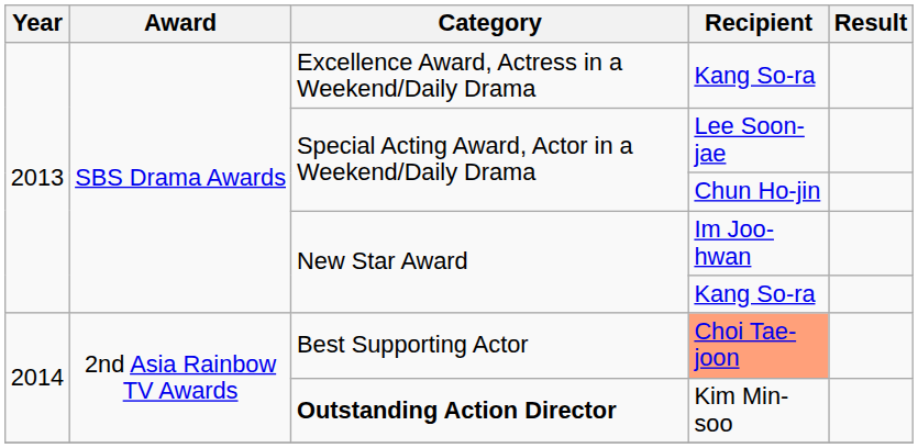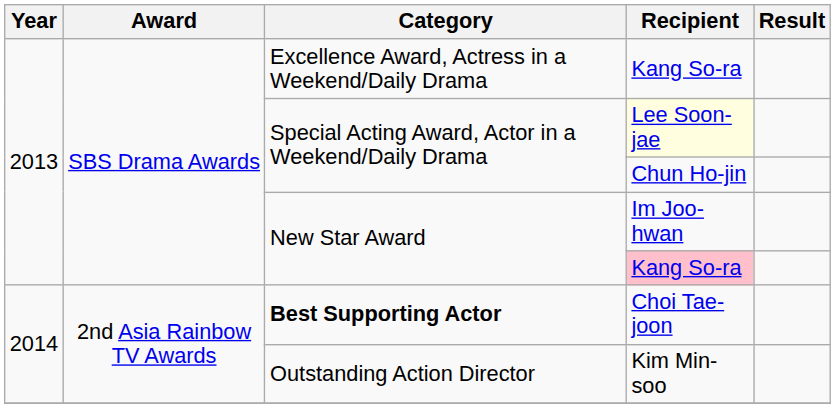 <table class="wikitable">
 <tr>
 <th>Year</th>
 <th>Award</th>
 <th>Category</th>
 <th>Recipient</th>
 <th>Result</th>
 </tr>
 <tr>
 <td rowspan=5>2013</td>
 <td rowspan=5 style="text-align:center;"><a href='#'>SBS Drama Awards</a></td>
 <td>Excellence Award, Actress in a Weekend/Daily Drama</td>
 <td><a href='#'>Kang So-ra</a></td>
 <td></td>
 </tr>
 <tr>
 <td rowspan=2>Special Acting Award, Actor in a Weekend/Daily Drama</td>
-<td><a href='#'>Lee Soon-jae</a></td>
+<td style="background: lightyellow;"><a href='#'>Lee Soon-jae</a></td>
 <td></td>
 </tr>
 <tr>
 <td><a href='#'>Chun Ho-jin</a></td>
 <td></td>
 </tr>
 <tr>
 <td rowspan=2>New Star Award</td>
 <td><a href='#'>Im Joo-hwan</a></td>
 <td></td>
 </tr>
 <tr>
-<td><a href='#'>Kang So-ra</a></td>
+<td style="background: pink;"><a href='#'>Kang So-ra</a></td>
 <td></td>
 </tr>
 <tr>
 <td rowspan=2>2014</td>
 <td rowspan=2 style="text-align:center;">2nd <a href='#'>Asia Rainbow TV Awards</a></td>
-<td>Best Supporting Actor</td>
-<td style="background: lightsalmon;"><a href='#'>Choi Tae-joon</a></td>
+<td><strong>Best Supporting Actor</strong></td>
+<td><a href='#'>Choi Tae-joon</a></td>
 <td></td>
 </tr>
 <tr>
-<td><strong>Outstanding Action Director</strong></td>
+<td>Outstanding Action Director</td>
 <td>Kim Min-soo</td>
 <td></td>
 </tr>
 <tr>
 </tr>
 </table>
